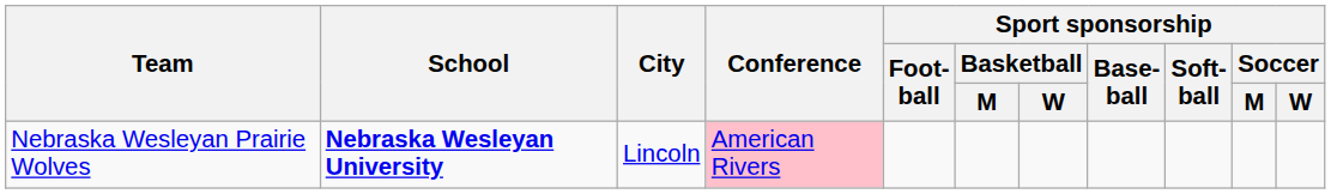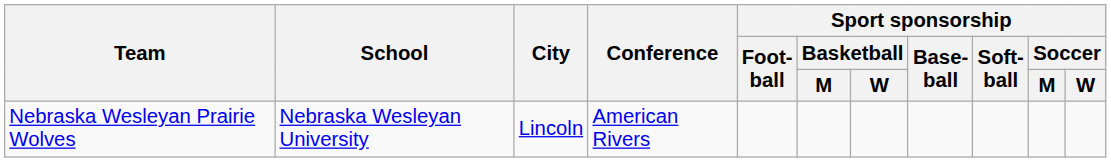 <table class="sortable wikitable">
 <tr>
 <th rowspan=3>Team</th>
 <th rowspan=3>School</th>
 <th rowspan=3>City</th>
 <th rowspan=3>Conference</th>
 <th colspan=7>Sport sponsorship</th>
 </tr>
 <tr>
 <th rowspan=2>Foot-<br>ball</th>
 <th colspan=2>Basketball</th>
 <th rowspan=2>Base-<br>ball</th>
 <th rowspan=2>Soft-<br>ball</th>
 <th colspan=2>Soccer</th>
 </tr>
 <tr>
 <th>M</th>
 <th>W</th>
 <th>M</th>
 <th>W</th>
 </tr>
 <tr>
 <td><a href='#'>Nebraska Wesleyan Prairie Wolves</a></td>
-<td><strong><a href='#'>Nebraska Wesleyan University</a></strong></td>
+<td><a href='#'>Nebraska Wesleyan University</a></td>
 <td><a href='#'>Lincoln</a></td>
-<td style="background: pink;"><a href='#'>American Rivers</a></td>
+<td><a href='#'>American Rivers</a></td>
 <td></td>
 <td></td>
 <td></td>
 <td></td>
 <td></td>
 <td></td>
 <td></td>
 </tr>
 </table>
